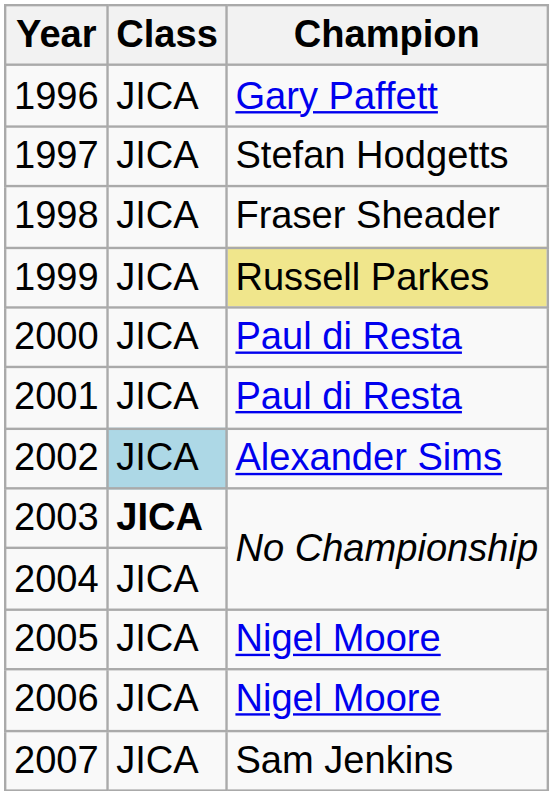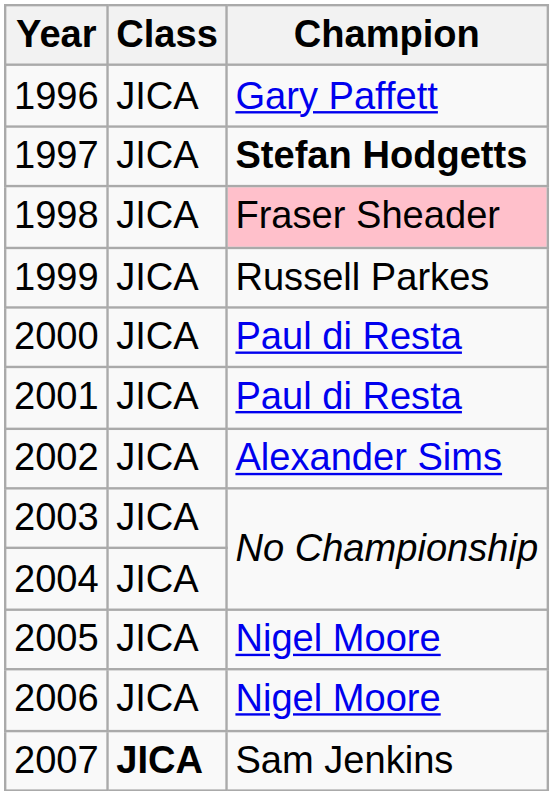 <table class="wikitable">
 <tr>
 <th>Year</th>
 <th>Class</th>
 <th>Champion</th>
 </tr>
 <tr>
 <td>1996</td>
 <td>JICA</td>
 <td><a href='#'>Gary Paffett</a></td>
 </tr>
 <tr>
 <td>1997</td>
 <td>JICA</td>
-<td>Stefan Hodgetts</td>
+<td><strong>Stefan Hodgetts</strong></td>
 </tr>
 <tr>
 <td>1998</td>
 <td>JICA</td>
-<td>Fraser Sheader</td>
+<td style="background: pink;">Fraser Sheader</td>
 </tr>
 <tr>
 <td>1999</td>
 <td>JICA</td>
-<td style="background: khaki;">Russell Parkes</td>
+<td>Russell Parkes</td>
 </tr>
 <tr>
 <td>2000</td>
 <td>JICA</td>
 <td><a href='#'>Paul di Resta</a></td>
 </tr>
 <tr>
 <td>2001</td>
 <td>JICA</td>
 <td><a href='#'>Paul di Resta</a></td>
 </tr>
 <tr>
 <td>2002</td>
-<td style="background: lightblue;">JICA</td>
+<td>JICA</td>
 <td><a href='#'>Alexander Sims</a></td>
 </tr>
 <tr>
 <td>2003</td>
-<td><strong>JICA</strong></td>
+<td>JICA</td>
 <td rowspan="2"><em>No Championship</em></td>
 </tr>
 <tr>
 <td>2004</td>
 <td>JICA</td>
 </tr>
 <tr>
 <td>2005</td>
 <td>JICA</td>
 <td><a href='#'>Nigel Moore</a></td>
 </tr>
 <tr>
 <td>2006</td>
 <td>JICA</td>
 <td><a href='#'>Nigel Moore</a></td>
 </tr>
 <tr>
 <td>2007</td>
-<td>JICA</td>
+<td><strong>JICA</strong></td>
 <td>Sam Jenkins</td>
 </tr>
 </table>
